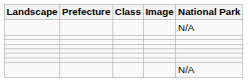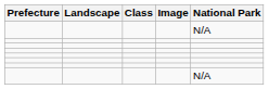 <table class="wikitable sortable">
 <tr>
+<th>Prefecture</th>
 <th>Landscape</th>
-<th>Prefecture</th>
 <th>Class</th>
 <th>Image</th>
 <th>National Park</th>
 </tr>
 <tr>
 <td></td>
 <td></td>
 <td></td>
 <td></td>
 <td>N/A</td>
 </tr>
 <tr>
 <td></td>
 <td></td>
 <td></td>
 <td></td>
 <td></td>
 </tr>
 <tr>
 <td></td>
 <td></td>
 <td></td>
 <td></td>
 <td></td>
 </tr>
 <tr>
 <td></td>
 <td></td>
 <td></td>
 <td></td>
 <td></td>
 </tr>
 <tr>
 <td></td>
 <td></td>
 <td></td>
 <td></td>
 <td></td>
 </tr>
 <tr>
 <td></td>
 <td></td>
 <td></td>
 <td></td>
 <td></td>
 </tr>
 <tr>
 <td></td>
 <td></td>
 <td></td>
 <td></td>
 <td></td>
 </tr>
 <tr>
 <td></td>
 <td></td>
 <td></td>
 <td></td>
 <td>N/A</td>
 </tr>
 </table>
